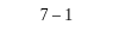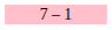 <table style="text-align:center">
 <tr>
 <th width=200></th>
 <th width=100></th>
 <th width=200></th>
 </tr>
 <tr>
 <td align=right><strong></strong></td>
-<td>7 – 1</td>
+<td style="background: pink;">7 – 1</td>
 <td align=left></td>
 </tr>
 </table>
